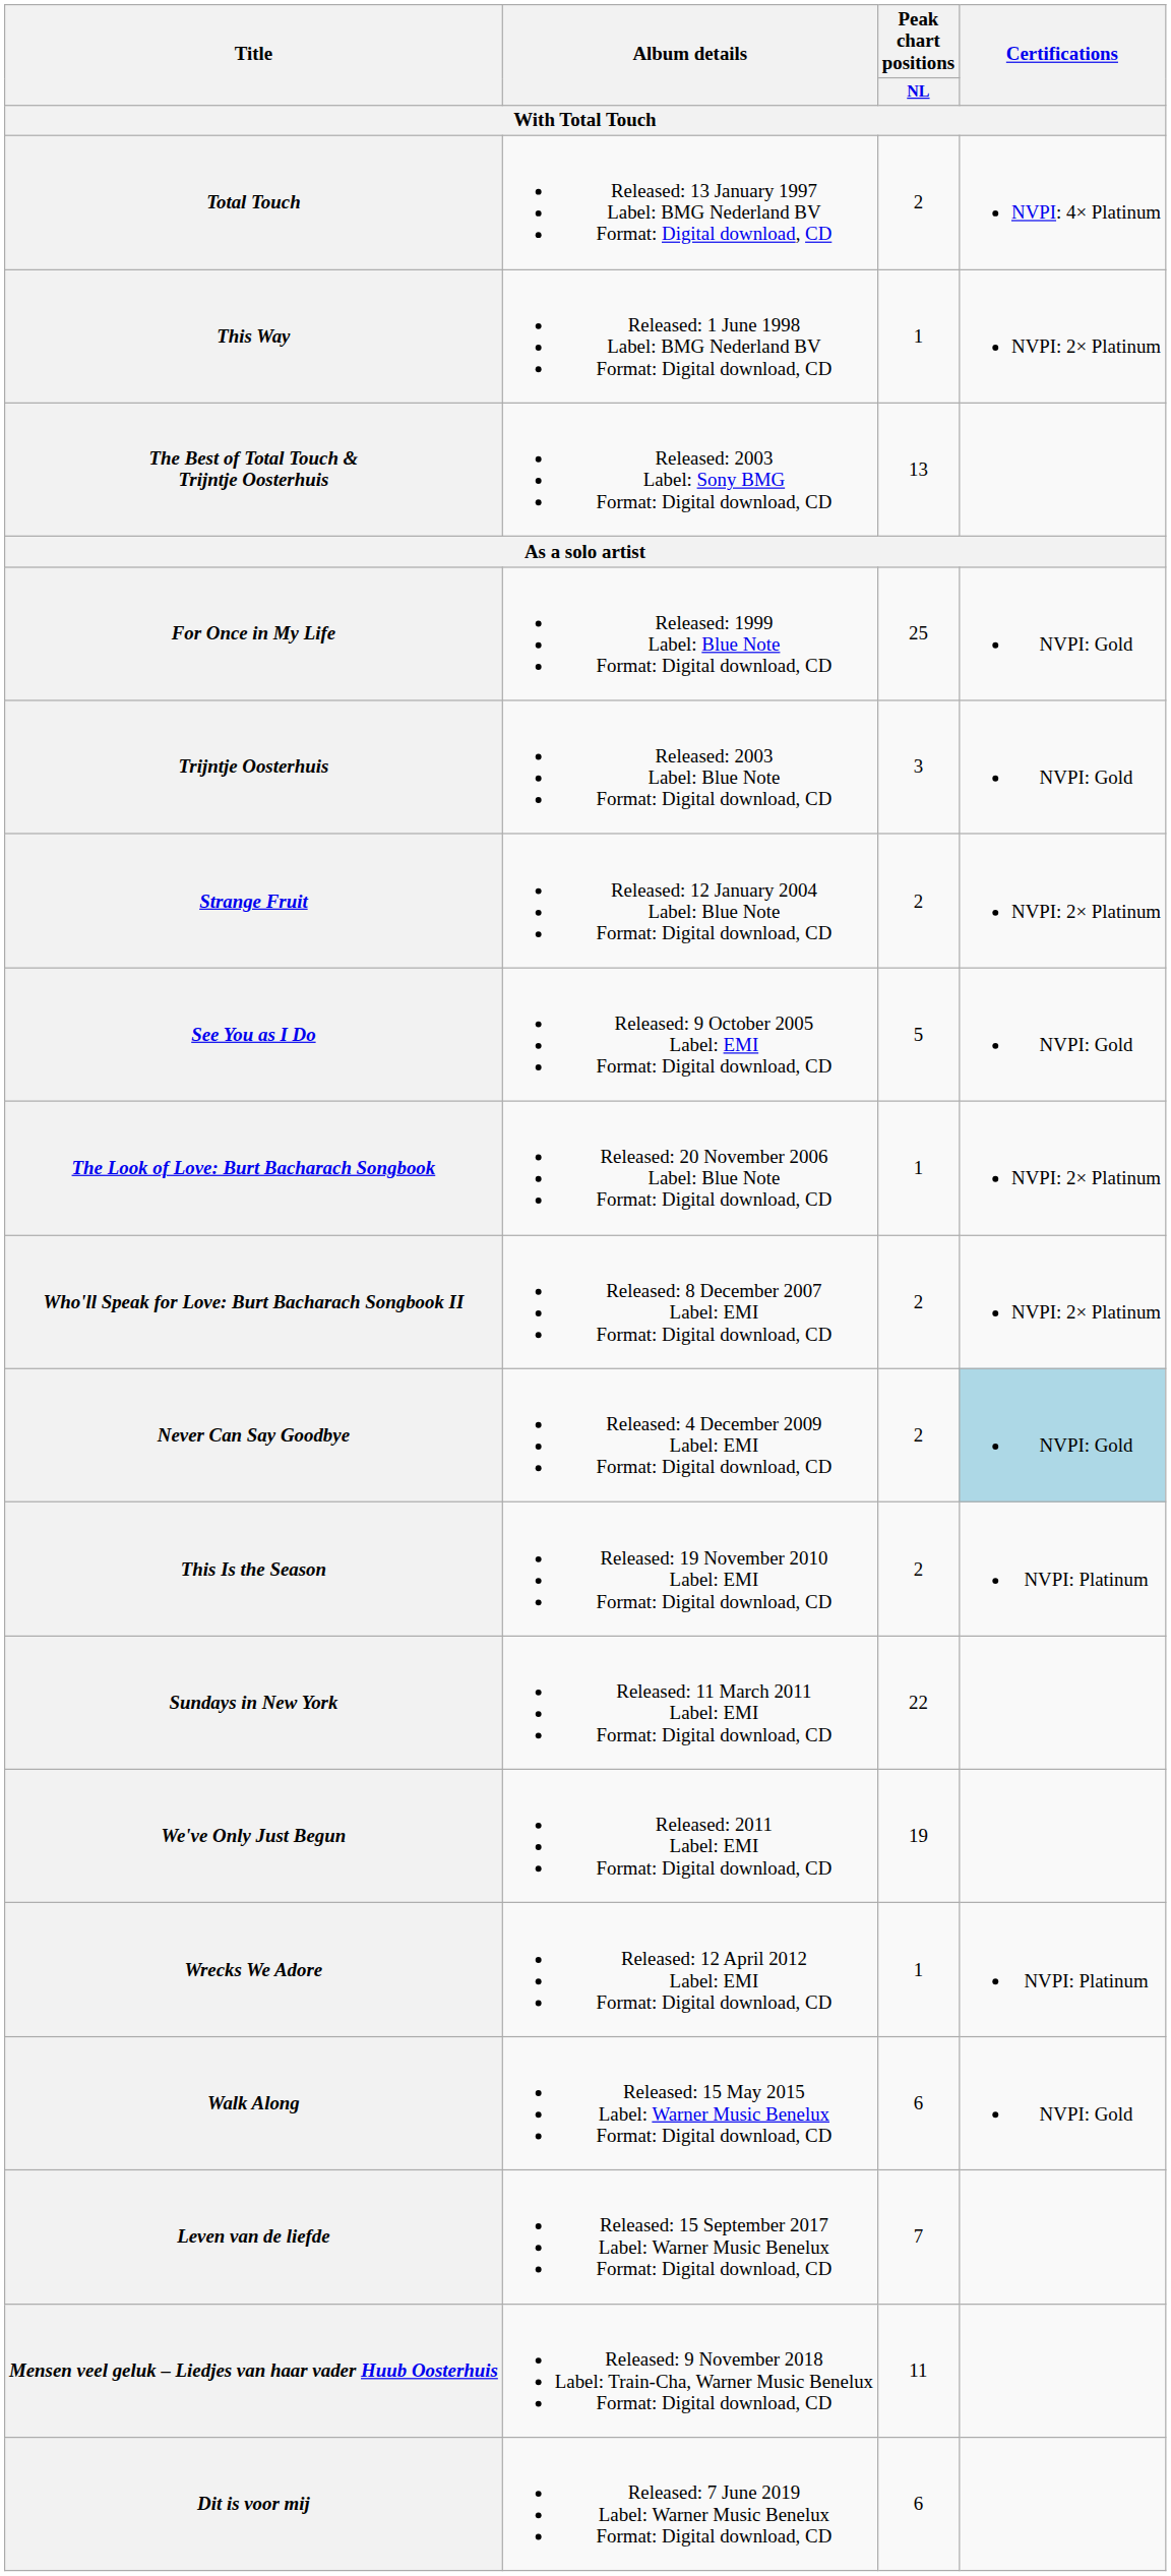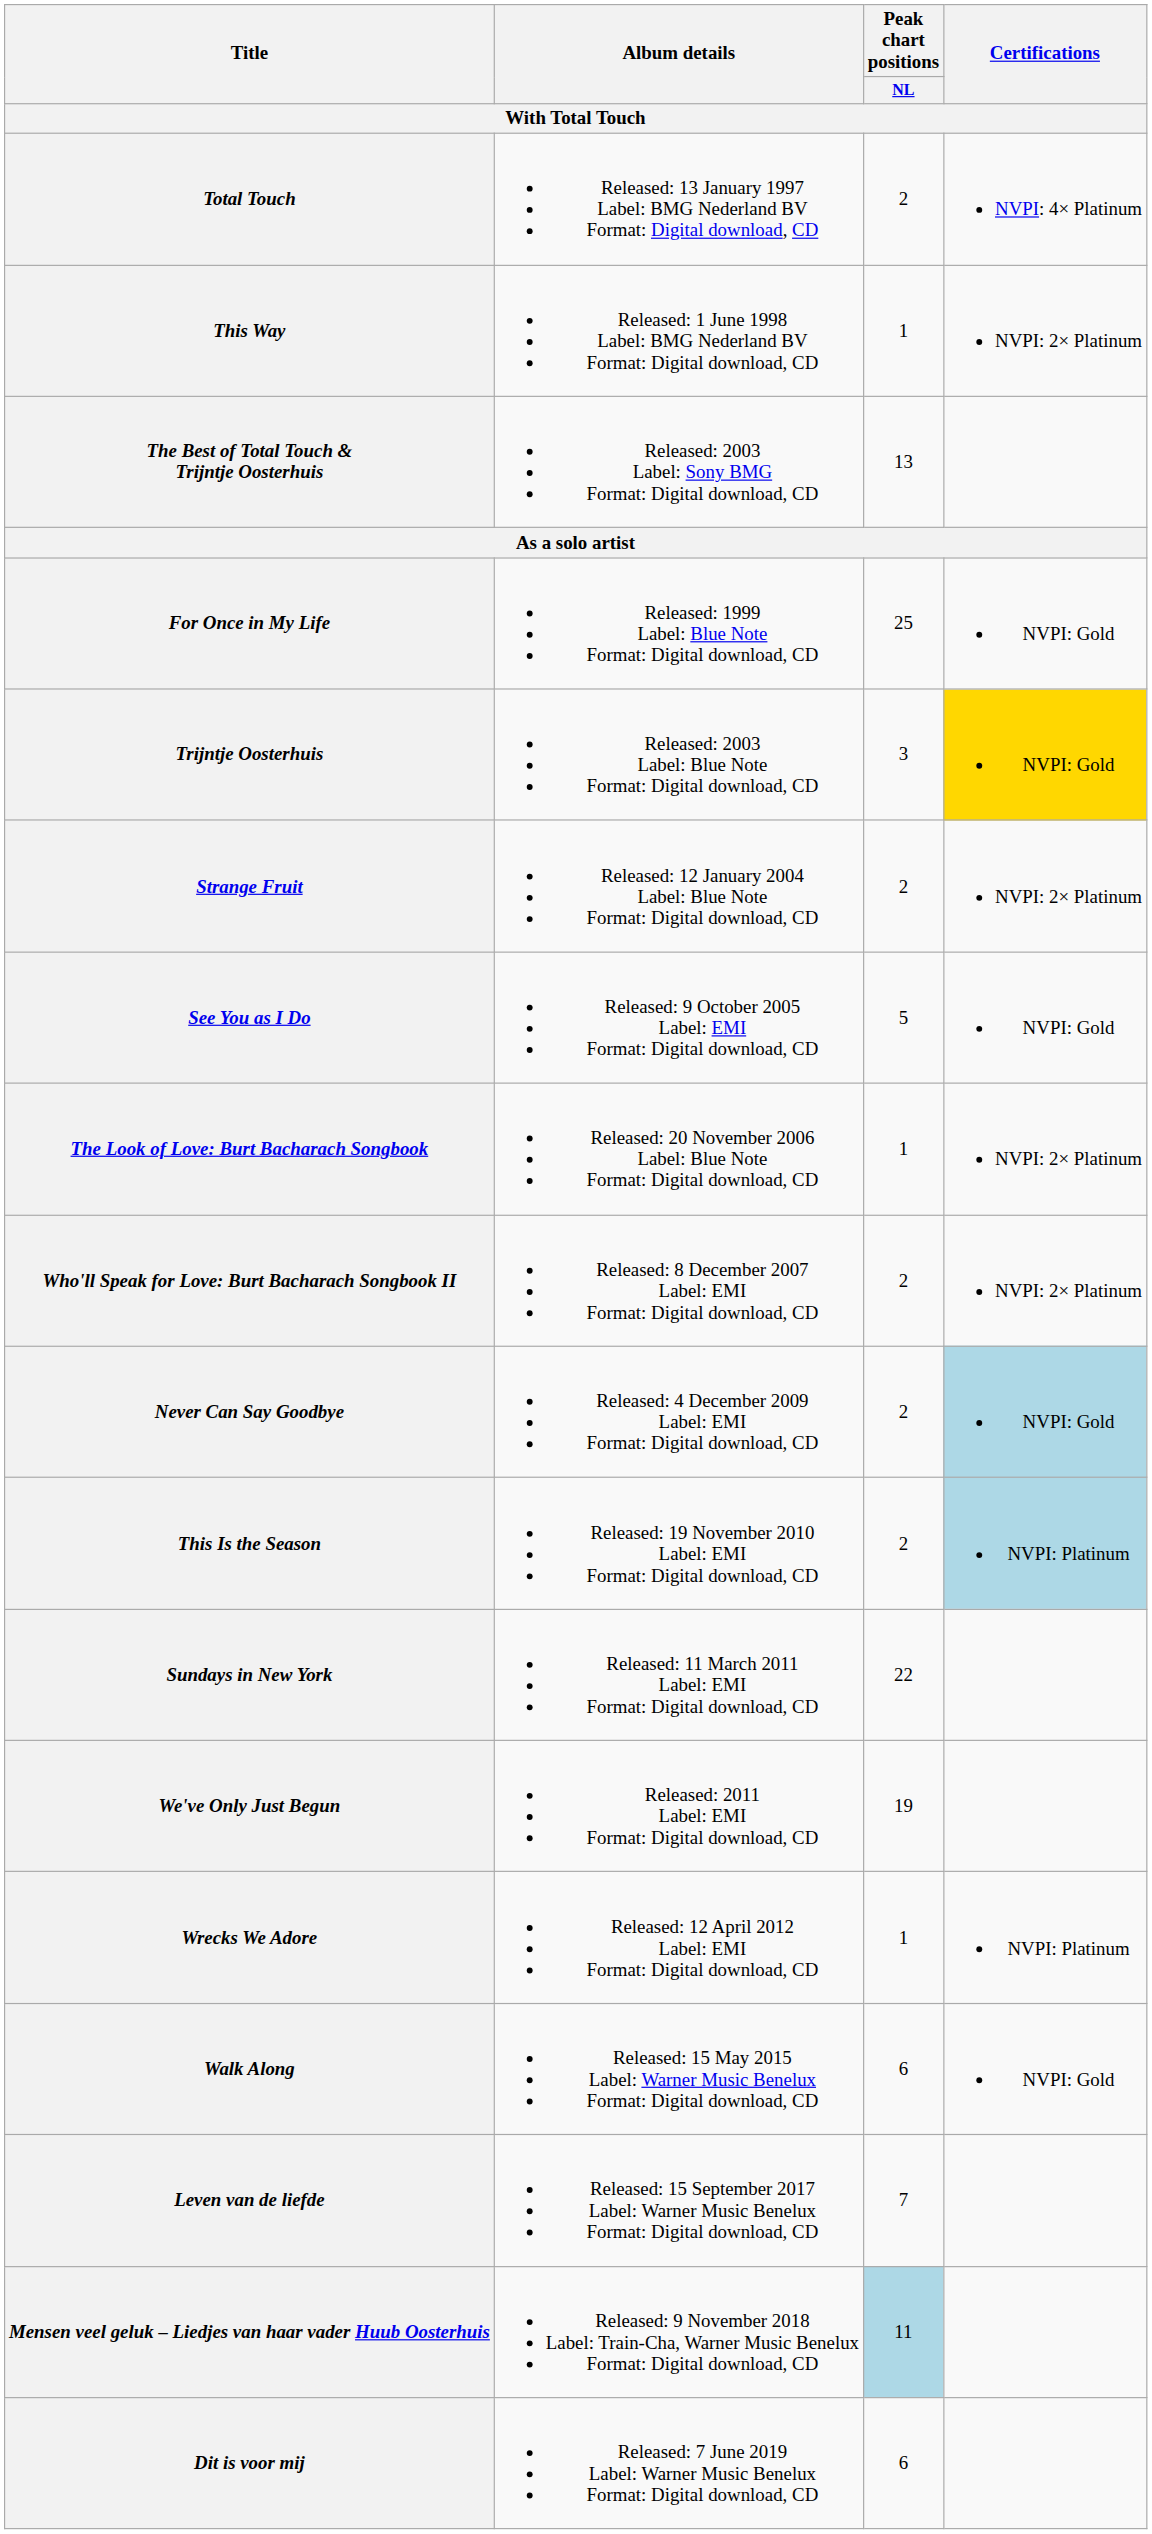 <table class="wikitable plainrowheaders" style="text-align:center;" border="1">
 <tr>
 <th scope="col" rowspan="2">Title</th>
 <th scope="col" rowspan="2">Album details</th>
 <th scope="col" colspan="1">Peak chart positions</th>
 <th scope="col" rowspan="2"><a href='#'>Certifications</a></th>
 </tr>
 <tr>
 <th scope="col" style="width:3em;font-size:85%;"><a href='#'>NL</a><br></th>
 </tr>
 <tr>
 <th colspan="20">With Total Touch</th>
 </tr>
 <tr>
 <th scope="row"><em>Total Touch</em></th>
 <td><br><ul><li>Released: 13 January 1997</li><li>Label: BMG Nederland BV</li><li>Format: <a href='#'>Digital download</a>, <a href='#'>CD</a></li></ul></td>
 <td>2</td>
 <td><br><ul><li><a href='#'>NVPI</a>: 4× Platinum</li></ul></td>
 </tr>
 <tr>
 <th scope="row"><em>This Way</em></th>
 <td><br><ul><li>Released: 1 June 1998</li><li>Label: BMG Nederland BV</li><li>Format: Digital download, CD</li></ul></td>
 <td>1</td>
 <td><br><ul><li>NVPI: 2× Platinum</li></ul></td>
 </tr>
 <tr>
 <th scope="row"><em>The Best of Total Touch &<br>Trijntje Oosterhuis</em></th>
 <td><br><ul><li>Released: 2003</li><li>Label: <a href='#'>Sony BMG</a></li><li>Format: Digital download, CD</li></ul></td>
 <td>13</td>
 <td></td>
 </tr>
 <tr>
 <th colspan="20">As a solo artist</th>
 </tr>
 <tr>
 <th scope="row"><em>For Once in My Life</em></th>
 <td><br><ul><li>Released: 1999</li><li>Label: <a href='#'>Blue Note</a></li><li>Format: Digital download, CD</li></ul></td>
 <td>25</td>
 <td><br><ul><li>NVPI: Gold</li></ul></td>
 </tr>
 <tr>
 <th scope="row"><em>Trijntje Oosterhuis</em></th>
 <td><br><ul><li>Released: 2003</li><li>Label: Blue Note</li><li>Format: Digital download, CD</li></ul></td>
 <td>3</td>
-<td><br><ul><li>NVPI: Gold</li></ul></td>
+<td style="background: gold;"><br><ul><li>NVPI: Gold</li></ul></td>
 </tr>
 <tr>
 <th scope="row"><em><a href='#'>Strange Fruit</a></em></th>
 <td><br><ul><li>Released: 12 January 2004</li><li>Label: Blue Note</li><li>Format: Digital download, CD</li></ul></td>
 <td>2</td>
 <td><br><ul><li>NVPI: 2× Platinum</li></ul></td>
 </tr>
 <tr>
 <th scope="row"><em><a href='#'>See You as I Do</a></em></th>
 <td><br><ul><li>Released: 9 October 2005</li><li>Label: <a href='#'>EMI</a></li><li>Format: Digital download, CD</li></ul></td>
 <td>5</td>
 <td><br><ul><li>NVPI: Gold</li></ul></td>
 </tr>
 <tr>
 <th scope="row"><em><a href='#'>The Look of Love: Burt Bacharach Songbook</a></em></th>
 <td><br><ul><li>Released: 20 November 2006</li><li>Label: Blue Note</li><li>Format: Digital download, CD</li></ul></td>
 <td>1</td>
 <td><br><ul><li>NVPI: 2× Platinum</li></ul></td>
 </tr>
 <tr>
 <th scope="row"><em>Who'll Speak for Love: Burt Bacharach Songbook II</em></th>
 <td><br><ul><li>Released: 8 December 2007</li><li>Label: EMI</li><li>Format: Digital download, CD</li></ul></td>
 <td>2</td>
 <td><br><ul><li>NVPI: 2× Platinum</li></ul></td>
 </tr>
 <tr>
 <th scope="row"><em>Never Can Say Goodbye</em></th>
 <td><br><ul><li>Released: 4 December 2009</li><li>Label: EMI</li><li>Format: Digital download, CD</li></ul></td>
 <td>2</td>
 <td style="background: lightblue;"><br><ul><li>NVPI: Gold</li></ul></td>
 </tr>
 <tr>
 <th scope="row"><em>This Is the Season</em></th>
 <td><br><ul><li>Released: 19 November 2010</li><li>Label: EMI</li><li>Format: Digital download, CD</li></ul></td>
 <td>2</td>
-<td><br><ul><li>NVPI: Platinum</li></ul></td>
+<td style="background: lightblue;"><br><ul><li>NVPI: Platinum</li></ul></td>
 </tr>
 <tr>
 <th scope="row"><em>Sundays in New York</em></th>
 <td><br><ul><li>Released: 11 March 2011</li><li>Label: EMI</li><li>Format: Digital download, CD</li></ul></td>
 <td>22</td>
 <td></td>
 </tr>
 <tr>
 <th scope="row"><em>We've Only Just Begun</em></th>
 <td><br><ul><li>Released: 2011</li><li>Label: EMI</li><li>Format: Digital download, CD</li></ul></td>
 <td>19</td>
 <td></td>
 </tr>
 <tr>
 <th scope="row"><em>Wrecks We Adore</em></th>
 <td><br><ul><li>Released: 12 April 2012</li><li>Label: EMI</li><li>Format: Digital download, CD</li></ul></td>
 <td>1</td>
 <td><br><ul><li>NVPI: Platinum</li></ul></td>
 </tr>
 <tr>
 <th scope="row"><em>Walk Along</em></th>
 <td><br><ul><li>Released: 15 May 2015</li><li>Label: <a href='#'>Warner Music Benelux</a></li><li>Format: Digital download, CD</li></ul></td>
 <td>6</td>
 <td><br><ul><li>NVPI: Gold</li></ul></td>
 </tr>
 <tr>
 <th scope="row"><em>Leven van de liefde</em></th>
 <td><br><ul><li>Released: 15 September 2017</li><li>Label: Warner Music Benelux</li><li>Format: Digital download, CD</li></ul></td>
 <td>7</td>
 <td></td>
 </tr>
 <tr>
 <th scope="row"><em>Mensen veel geluk – Liedjes van haar vader <a href='#'>Huub Oosterhuis</a></em></th>
 <td><br><ul><li>Released: 9 November 2018</li><li>Label: Train-Cha, Warner Music Benelux</li><li>Format: Digital download, CD</li></ul></td>
-<td>11</td>
+<td style="background: lightblue;">11</td>
 <td></td>
 </tr>
 <tr>
 <th scope="row"><em>Dit is voor mij</em></th>
 <td><br><ul><li>Released: 7 June 2019</li><li>Label: Warner Music Benelux</li><li>Format: Digital download, CD</li></ul></td>
 <td>6</td>
 <td></td>
 </tr>
 </table>
